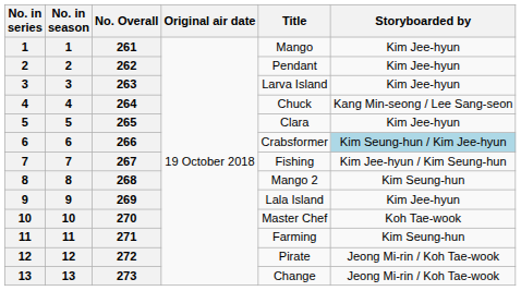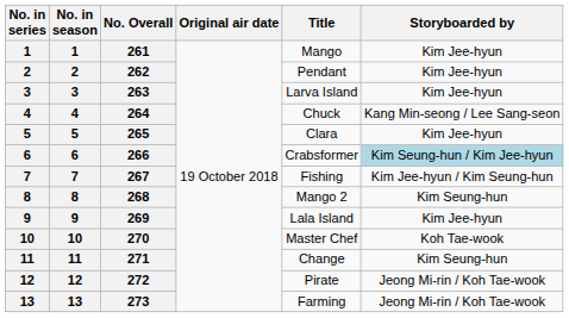 <table class="wikitable" style="text-align:center">
 <tr>
 <th>No. in<br>series</th>
 <th>No. in<br>season</th>
 <th>No. Overall</th>
 <th>Original air date</th>
 <th>Title</th>
 <th>Storyboarded by</th>
 </tr>
 <tr>
 <th>1</th>
 <th>1</th>
 <th>261</th>
 <td rowspan="13">19 October 2018</td>
 <td>Mango</td>
 <td>Kim Jee-hyun</td>
 </tr>
 <tr>
 <th>2</th>
 <th>2</th>
 <th>262</th>
 <td>Pendant</td>
 <td>Kim Jee-hyun</td>
 </tr>
 <tr>
 <th>3</th>
 <th>3</th>
 <th>263</th>
 <td>Larva Island</td>
 <td>Kim Jee-hyun</td>
 </tr>
 <tr>
 <th>4</th>
 <th>4</th>
 <th>264</th>
 <td>Chuck</td>
 <td>Kang Min-seong / Lee Sang-seon</td>
 </tr>
 <tr>
 <th>5</th>
 <th>5</th>
 <th>265</th>
 <td>Clara</td>
 <td>Kim Jee-hyun</td>
 </tr>
 <tr>
 <th>6</th>
 <th>6</th>
 <th>266</th>
 <td>Crabsformer</td>
 <td style="background: lightblue;">Kim Seung-hun / Kim Jee-hyun</td>
 </tr>
 <tr>
 <th>7</th>
 <th>7</th>
 <th>267</th>
 <td>Fishing</td>
 <td>Kim Jee-hyun / Kim Seung-hun</td>
 </tr>
 <tr>
 <th>8</th>
 <th>8</th>
 <th>268</th>
 <td>Mango 2</td>
 <td>Kim Seung-hun</td>
 </tr>
 <tr>
 <th>9</th>
 <th>9</th>
 <th>269</th>
 <td>Lala Island</td>
 <td>Kim Jee-hyun</td>
 </tr>
 <tr>
 <th>10</th>
 <th>10</th>
 <th>270</th>
 <td>Master Chef</td>
 <td>Koh Tae-wook</td>
 </tr>
 <tr>
 <th>11</th>
 <th>11</th>
 <th>271</th>
-<td>Farming</td>
+<td>Change</td>
 <td>Kim Seung-hun</td>
 </tr>
 <tr>
 <th>12</th>
 <th>12</th>
 <th>272</th>
 <td>Pirate</td>
 <td>Jeong Mi-rin / Koh Tae-wook</td>
 </tr>
 <tr>
 <th>13</th>
 <th>13</th>
 <th>273</th>
-<td>Change</td>
+<td>Farming</td>
 <td>Jeong Mi-rin / Koh Tae-wook</td>
 </tr>
 </table>
